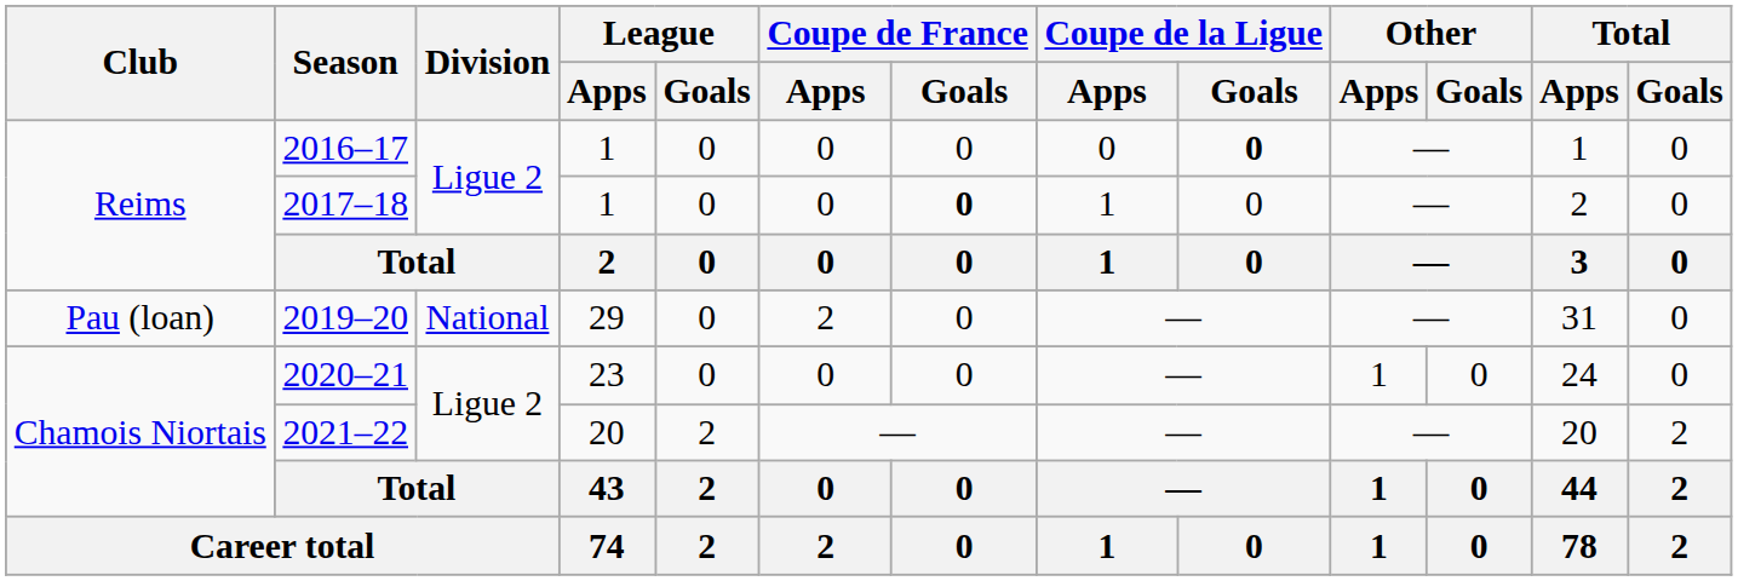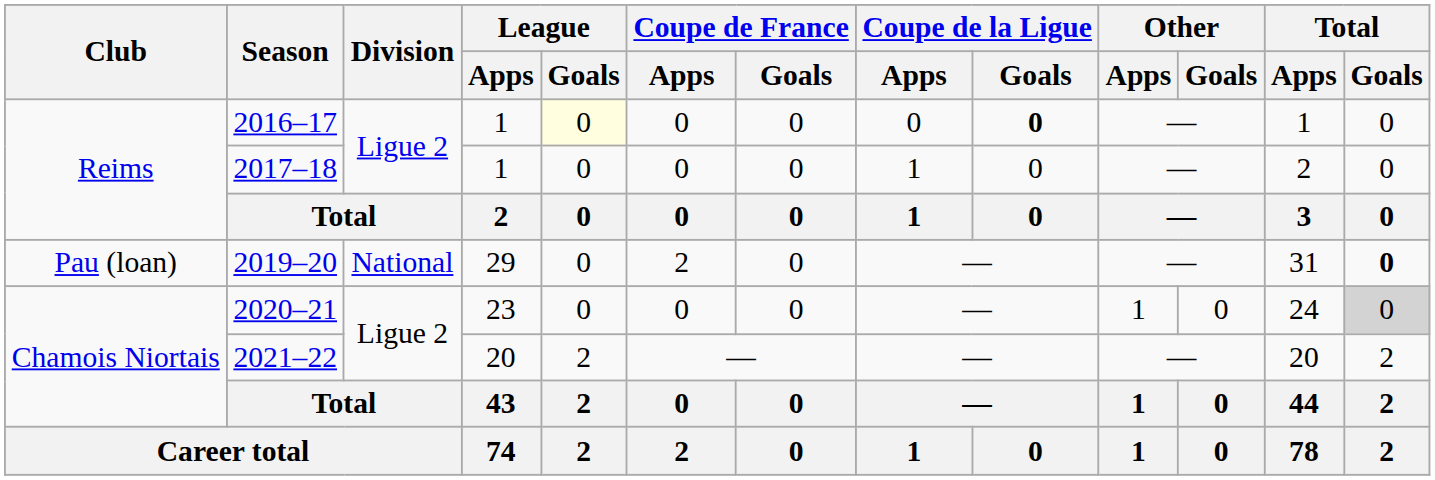 <table class="wikitable" style="text-align: center">
 <tr>
 <th rowspan="2">Club</th>
 <th rowspan="2">Season</th>
 <th rowspan="2">Division</th>
 <th colspan="2">League</th>
 <th colspan="2"><a href='#'>Coupe de France</a></th>
 <th colspan="2"><a href='#'>Coupe de la Ligue</a></th>
 <th colspan="2">Other</th>
 <th colspan="2">Total</th>
 </tr>
 <tr>
 <th>Apps</th>
 <th>Goals</th>
 <th>Apps</th>
 <th>Goals</th>
 <th>Apps</th>
 <th>Goals</th>
 <th>Apps</th>
 <th>Goals</th>
 <th>Apps</th>
 <th>Goals</th>
 </tr>
 <tr>
 <td rowspan="3"><a href='#'>Reims</a></td>
 <td><a href='#'>2016–17</a></td>
 <td rowspan="2"><a href='#'>Ligue 2</a></td>
 <td>1</td>
-<td>0</td>
+<td style="background: lightyellow;">0</td>
 <td>0</td>
 <td>0</td>
 <td>0</td>
 <td><strong>0</strong></td>
 <td colspan="2">—</td>
 <td>1</td>
 <td>0</td>
 </tr>
 <tr>
 <td><a href='#'>2017–18</a></td>
 <td>1</td>
 <td>0</td>
 <td>0</td>
-<td><strong>0</strong></td>
+<td>0</td>
 <td>1</td>
 <td>0</td>
 <td colspan="2">—</td>
 <td>2</td>
 <td>0</td>
 </tr>
 <tr>
 <th colspan="2">Total</th>
 <th>2</th>
 <th>0</th>
 <th>0</th>
 <th>0</th>
 <th>1</th>
 <th>0</th>
 <th colspan="2">—</th>
 <th>3</th>
 <th>0</th>
 </tr>
 <tr>
 <td><a href='#'>Pau</a> (loan)</td>
 <td><a href='#'>2019–20</a></td>
 <td><a href='#'>National</a></td>
 <td>29</td>
 <td>0</td>
 <td>2</td>
 <td>0</td>
 <td colspan="2">—</td>
 <td colspan="2">—</td>
 <td>31</td>
-<td>0</td>
+<td><strong>0</strong></td>
 </tr>
 <tr>
 <td rowspan="3"><a href='#'>Chamois Niortais</a></td>
 <td><a href='#'>2020–21</a></td>
 <td rowspan="2">Ligue 2</td>
 <td>23</td>
 <td>0</td>
 <td>0</td>
 <td>0</td>
 <td colspan="2">—</td>
 <td>1</td>
 <td>0</td>
 <td>24</td>
-<td>0</td>
+<td style="background: lightgrey;">0</td>
 </tr>
 <tr>
 <td><a href='#'>2021–22</a></td>
 <td>20</td>
 <td>2</td>
 <td colspan="2">—</td>
 <td colspan="2">—</td>
 <td colspan="2">—</td>
 <td>20</td>
 <td>2</td>
 </tr>
 <tr>
 <th colspan="2">Total</th>
 <th>43</th>
 <th>2</th>
 <th>0</th>
 <th>0</th>
 <th colspan="2">—</th>
 <th>1</th>
 <th>0</th>
 <th>44</th>
 <th>2</th>
 </tr>
 <tr>
 <th colspan="3">Career total</th>
 <th>74</th>
 <th>2</th>
 <th>2</th>
 <th>0</th>
 <th>1</th>
 <th>0</th>
 <th>1</th>
 <th>0</th>
 <th>78</th>
 <th>2</th>
 </tr>
 </table>
